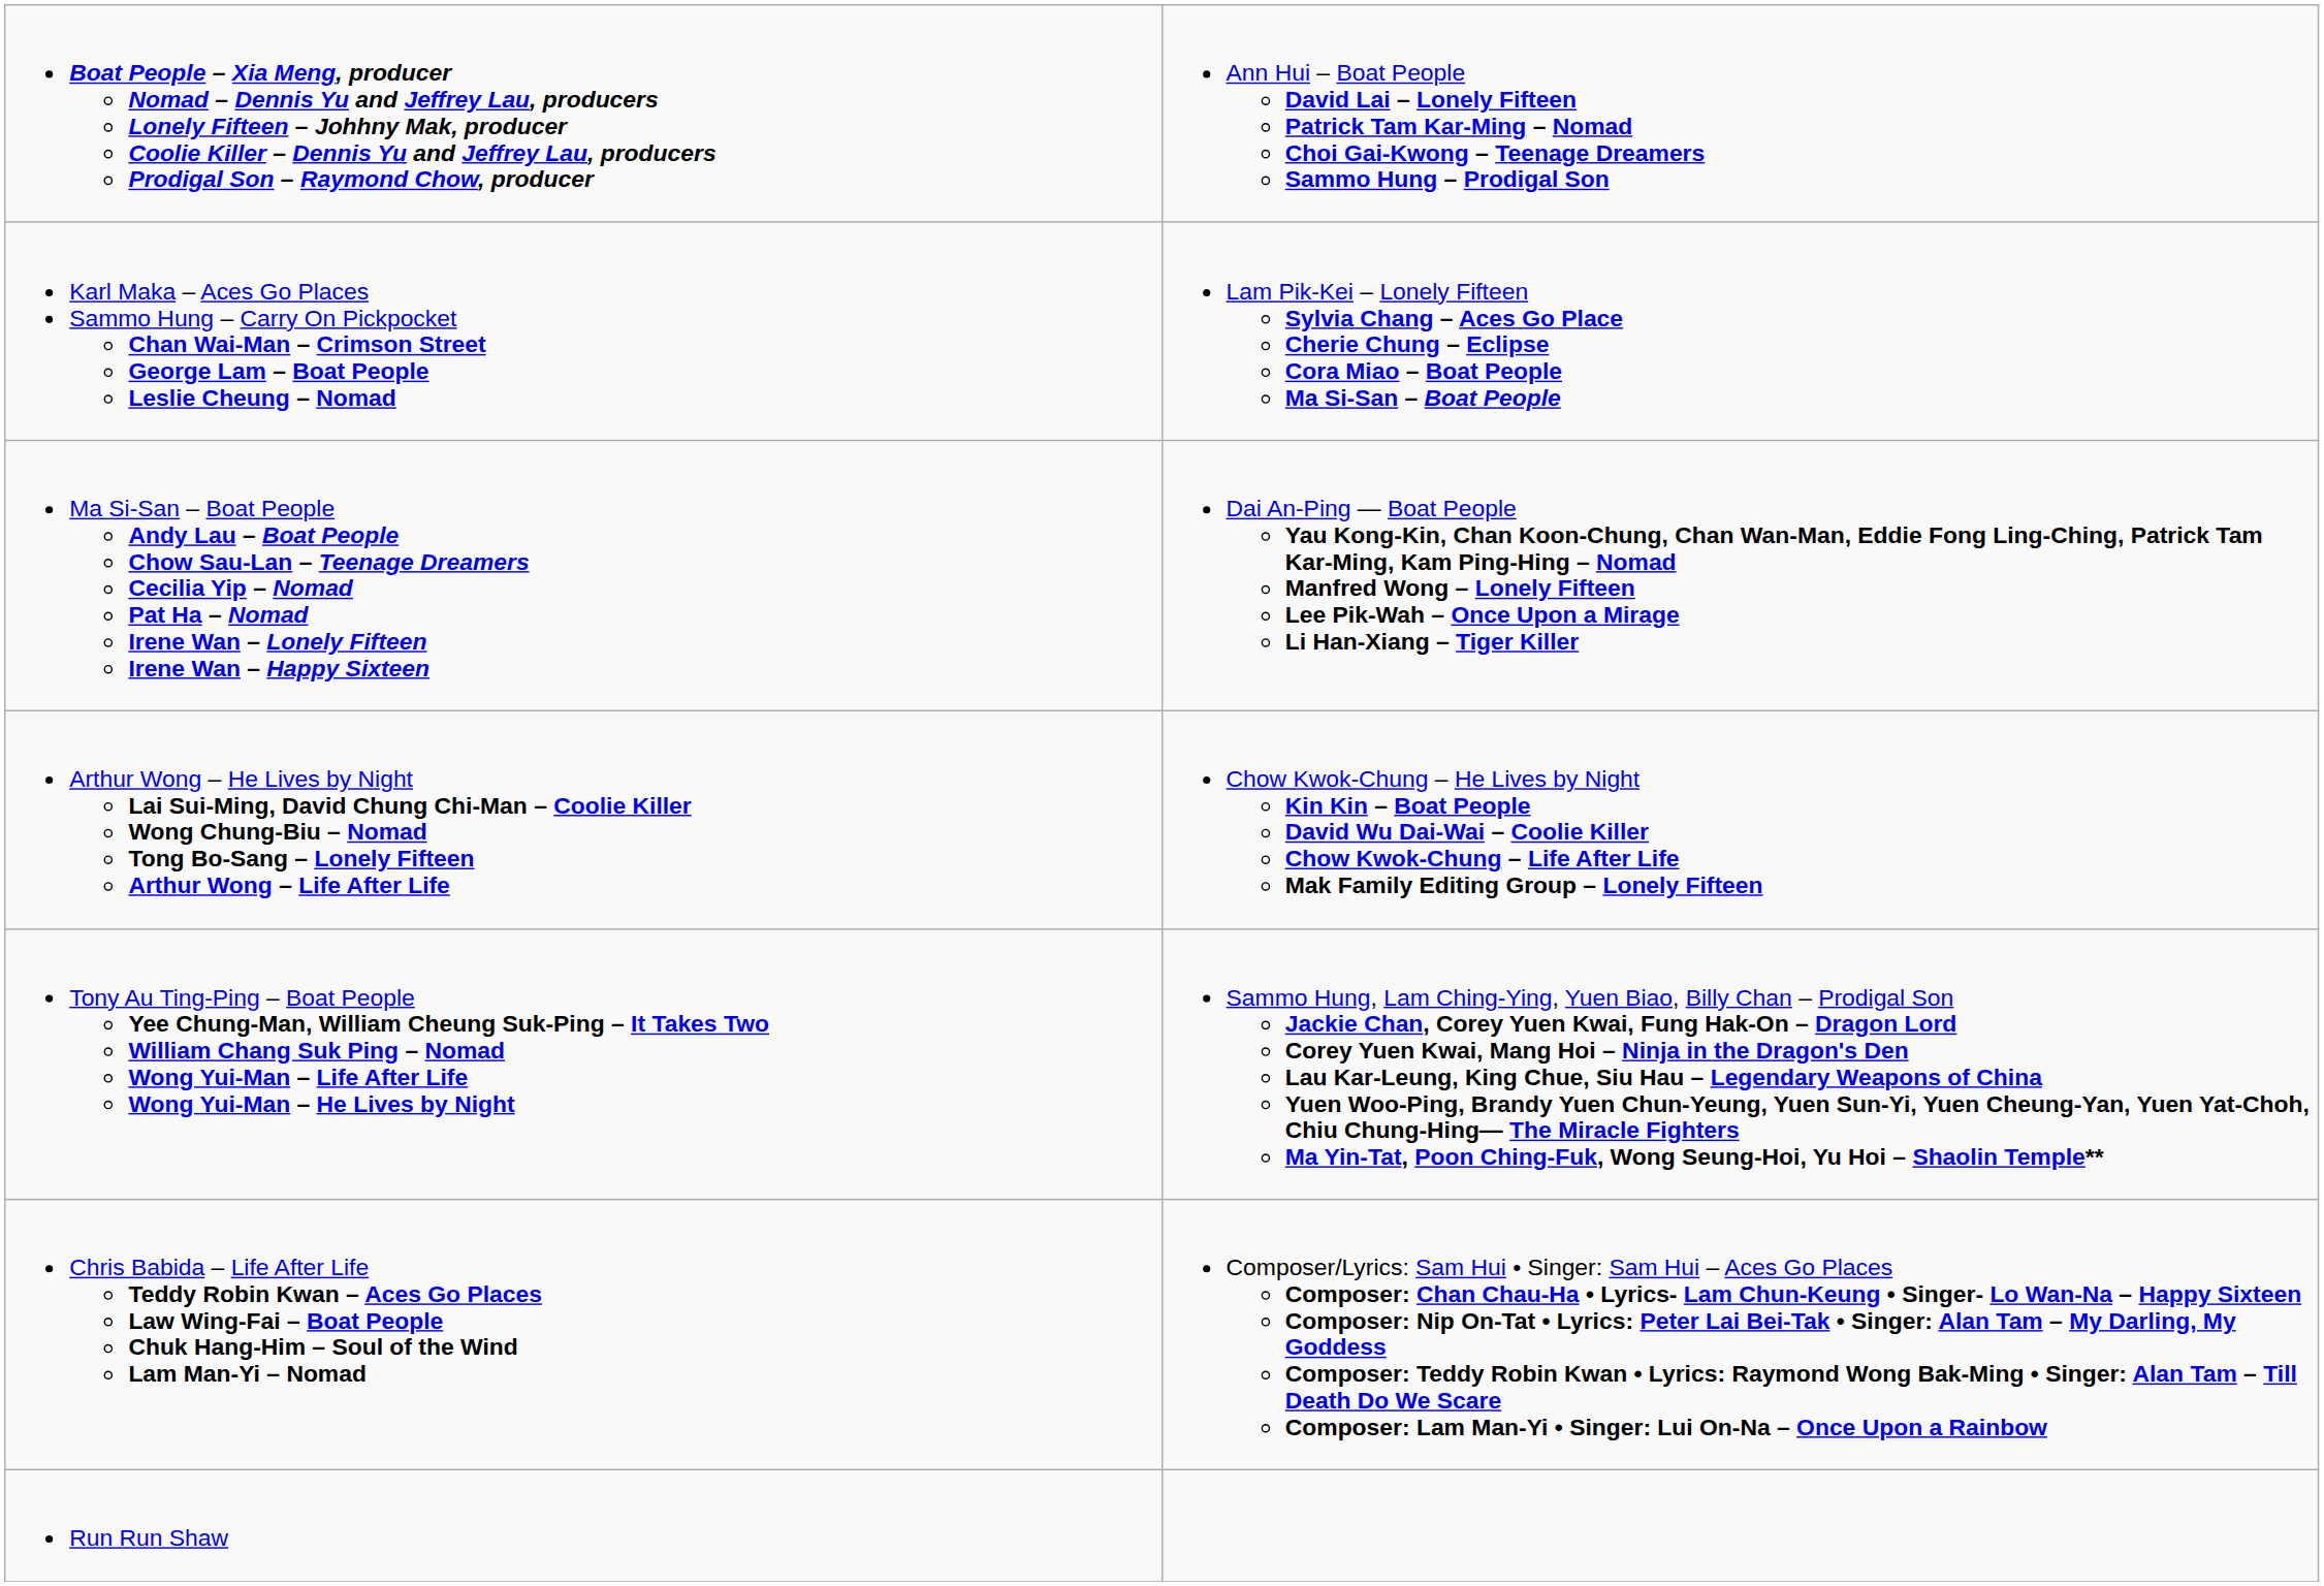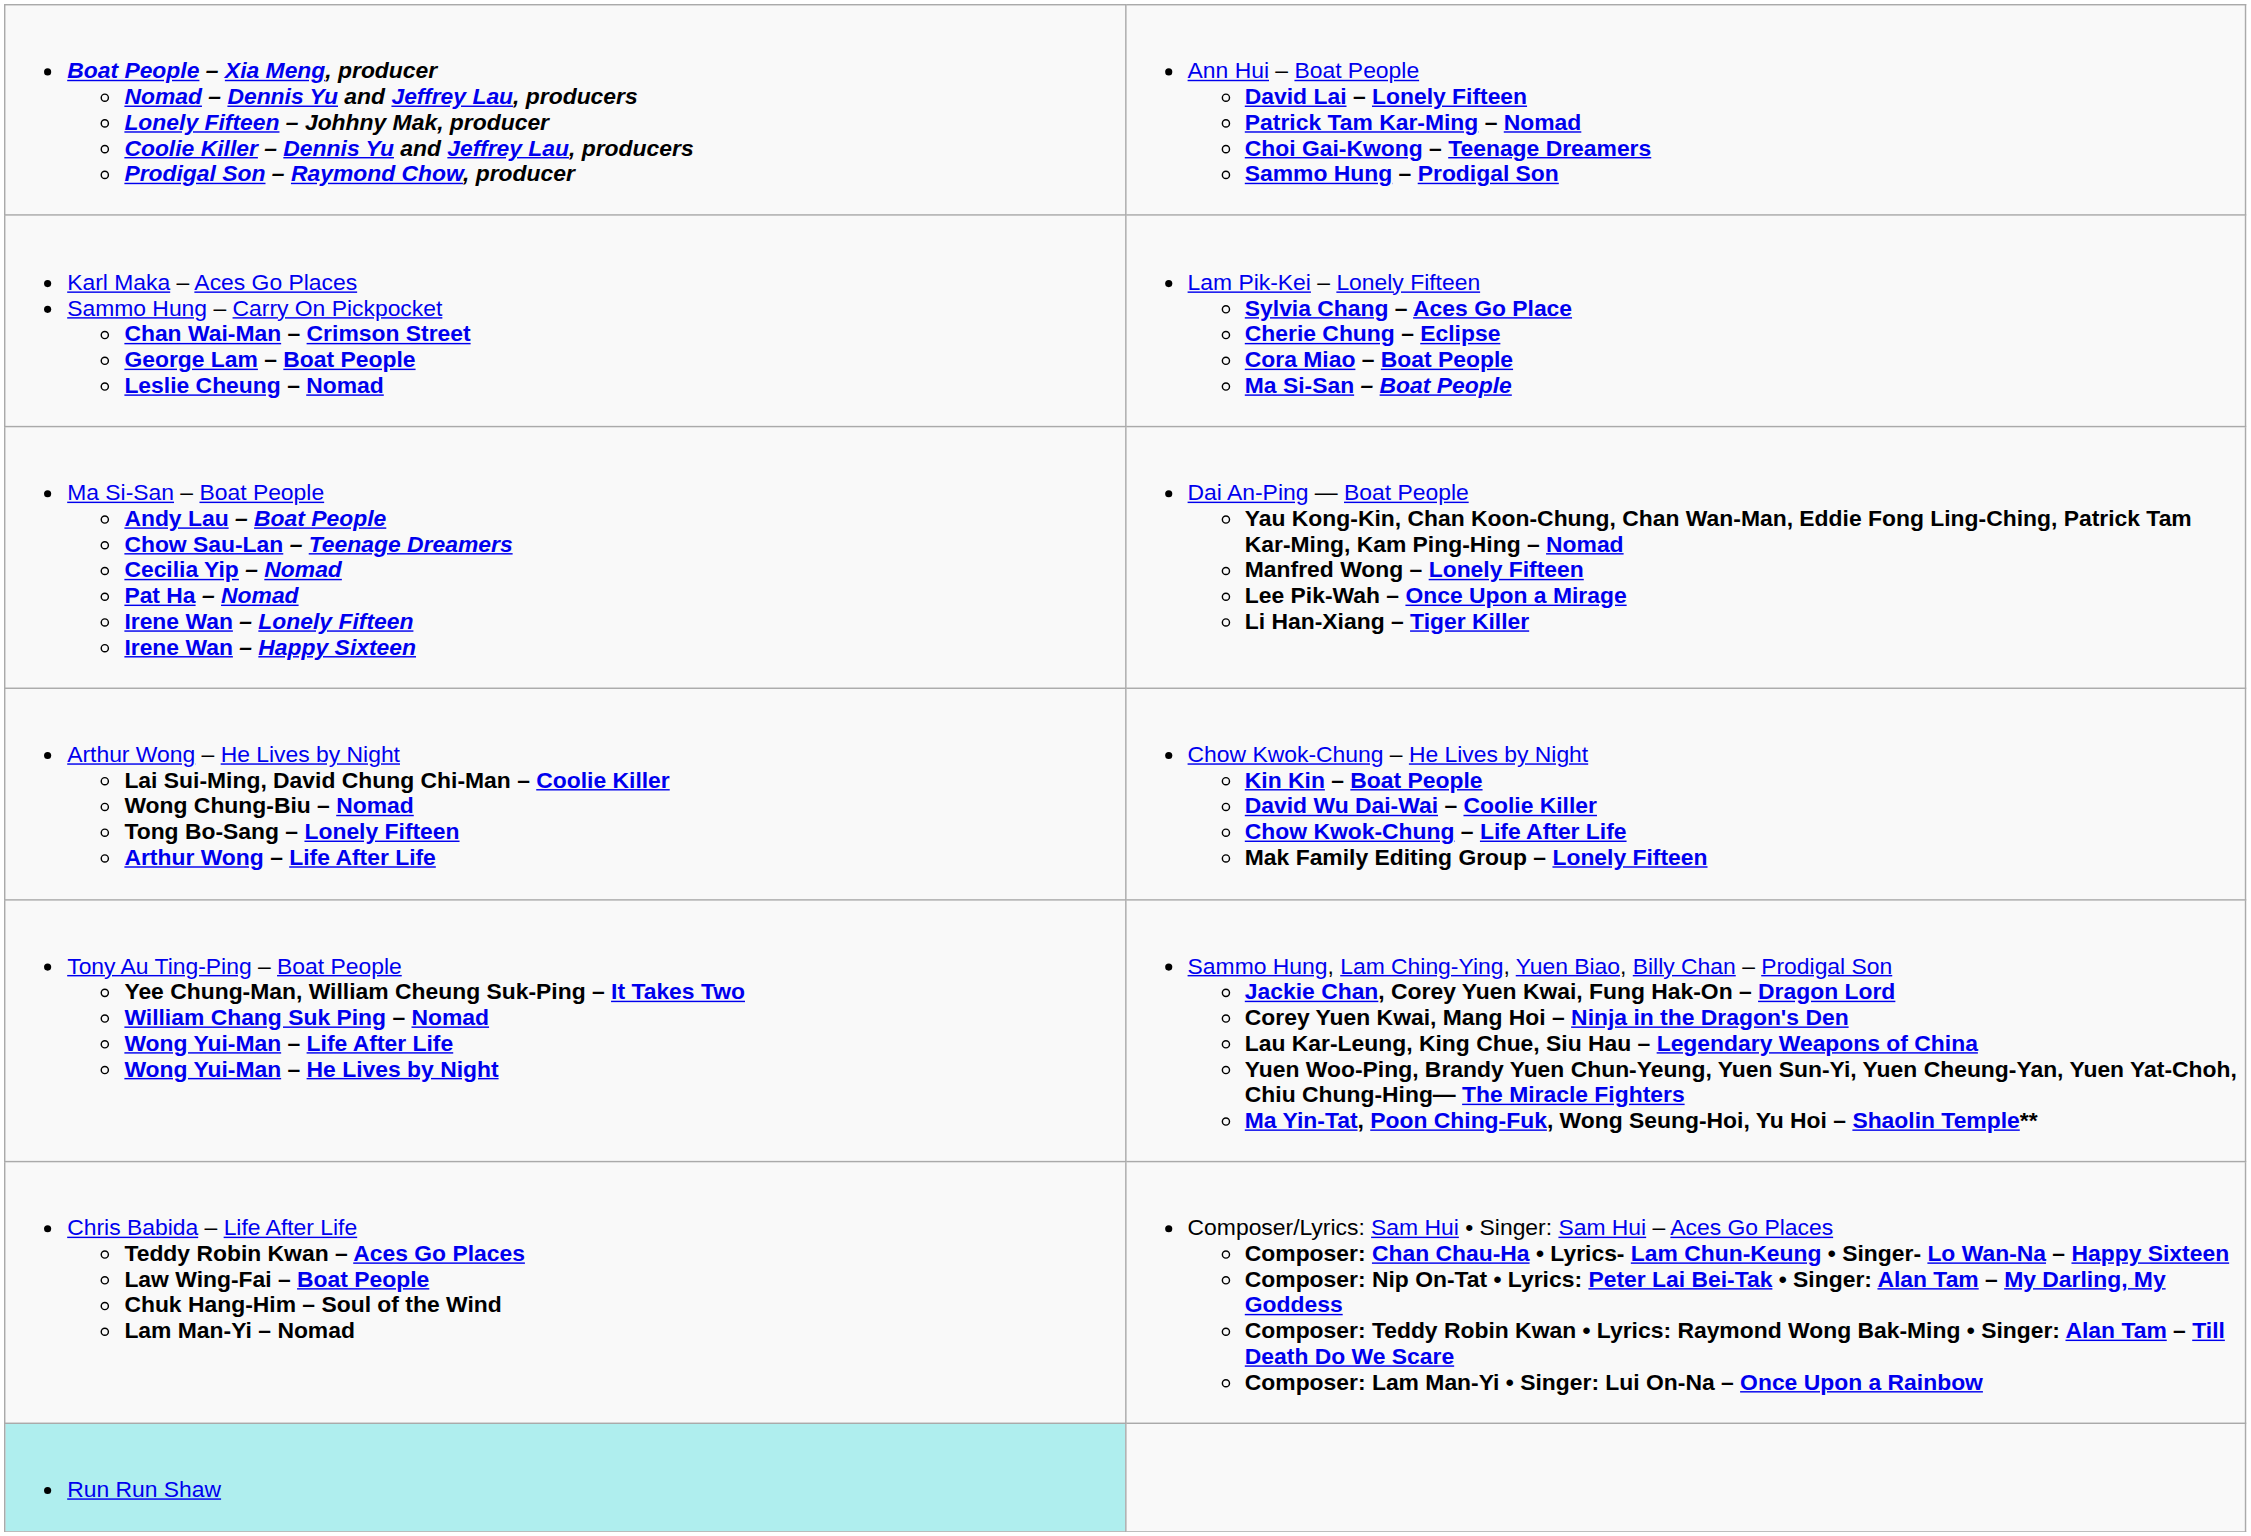 <table class=wikitable>
 <tr>
 <td valign="top" width="50%"><br><ul><li><strong><em><a href='#'>Boat People</a><em> – <a href='#'>Xia Meng</a>, producer<strong><ul><li></em><a href='#'>Nomad</a><em> – <a href='#'>Dennis Yu</a> and <a href='#'>Jeffrey Lau</a>, producers</li><li></em><a href='#'>Lonely Fifteen</a><em> – Johhny Mak, producer</li><li></em><a href='#'>Coolie Killer</a><em> – <a href='#'>Dennis Yu</a> and <a href='#'>Jeffrey Lau</a>, producers</li><li></em><a href='#'>Prodigal Son</a><em> – <a href='#'>Raymond Chow</a>, producer</li></ul></li></ul></td>
 <td valign="top" width="50%"><br><ul><li></em></strong><a href='#'>Ann Hui</a> – <a href='#'>Boat People</a><strong><em><ul><li></em><a href='#'>David Lai</a> – <a href='#'>Lonely Fifteen</a><em></li><li></em><a href='#'>Patrick Tam Kar-Ming</a> – <a href='#'>Nomad</a><em></li><li></em><a href='#'>Choi Gai-Kwong</a> – <a href='#'>Teenage Dreamers</a><em></li><li></em><a href='#'>Sammo Hung</a> – <a href='#'>Prodigal Son</a><em></li></ul></li></ul></td>
 </tr>
 <tr>
 <td valign="top" width="50%"><br><ul><li></em></strong><a href='#'>Karl Maka</a> – <a href='#'>Aces Go Places</a><strong><em></li><li></em></strong><a href='#'>Sammo Hung</a> – <a href='#'>Carry On Pickpocket</a><strong><em><ul><li></em><a href='#'>Chan Wai-Man</a> – <a href='#'>Crimson Street</a><em></li><li></em><a href='#'>George Lam</a> – <a href='#'>Boat People</a><em></li><li></em><a href='#'>Leslie Cheung</a> – <a href='#'>Nomad</a><em></li></ul></li></ul></td>
 <td valign="top" width="50%"><br><ul><li></em></strong><a href='#'>Lam Pik-Kei</a> – <a href='#'>Lonely Fifteen</a><strong><em><ul><li></em><a href='#'>Sylvia Chang</a> – <a href='#'>Aces Go Place</a><em></li><li></em><a href='#'>Cherie Chung</a> – <a href='#'>Eclipse</a><em></li><li></em><a href='#'>Cora Miao</a> – <a href='#'>Boat People</a><em></li><li></em><a href='#'>Ma Si-San</a><em> – <a href='#'>Boat People</a></li></ul></li></ul></td>
 </tr>
 <tr>
 <td valign="top" width="50%"><br><ul><li></em></strong><a href='#'>Ma Si-San</a> – <a href='#'>Boat People</a><strong><em><ul><li></em><a href='#'>Andy Lau</a><em> – <a href='#'>Boat People</a></li><li></em><a href='#'>Chow Sau-Lan</a><em> – <a href='#'>Teenage Dreamers</a></li><li></em><a href='#'>Cecilia Yip</a><em> – <a href='#'>Nomad</a></li><li></em><a href='#'>Pat Ha</a><em> – <a href='#'>Nomad</a></li><li></em><a href='#'>Irene Wan</a><em> – <a href='#'>Lonely Fifteen</a></li><li></em><a href='#'>Irene Wan</a><em> – <a href='#'>Happy Sixteen</a></li></ul></li></ul></td>
 <td valign="top" width="50%"><br><ul><li><a href='#'>Dai An-Ping</a> </em></strong>— <a href='#'>Boat People</a><strong><em><ul><li></em>Yau Kong-Kin, Chan Koon-Chung, Chan Wan-Man, Eddie Fong Ling-Ching, Patrick Tam Kar-Ming, Kam Ping-Hing  – <a href='#'>Nomad</a><em></li><li></em> Manfred Wong – <a href='#'>Lonely Fifteen</a><em></li><li></em>Lee Pik-Wah – <a href='#'>Once Upon a Mirage</a><em></li><li></em> Li Han-Xiang – <a href='#'>Tiger Killer</a><em></li></ul></li></ul></td>
 </tr>
 <tr>
 <td valign="top" width="50%"><br><ul><li></em></strong><a href='#'>Arthur Wong</a>  – <a href='#'>He Lives by Night</a><strong><em><ul><li></em>Lai Sui-Ming, David Chung Chi-Man  – <a href='#'>Coolie Killer</a><em></li><li></em>Wong Chung-Biu  – <a href='#'>Nomad</a><em></li><li></em>Tong Bo-Sang – <a href='#'>Lonely Fifteen</a><em></li><li></em><a href='#'>Arthur Wong</a> – <a href='#'>Life After Life</a><em></li></ul></li></ul></td>
 <td valign="top" width="50%"><br><ul><li></em></strong><a href='#'>Chow Kwok-Chung</a> – <a href='#'>He Lives by Night</a><strong><em><ul><li></em><a href='#'>Kin Kin</a> – <a href='#'>Boat People</a><em></li><li></em><a href='#'>David Wu Dai-Wai</a> –  <a href='#'>Coolie Killer</a><em></li><li></em><a href='#'>Chow Kwok-Chung</a> –  <a href='#'>Life After Life</a><em></li><li></em>Mak Family Editing Group –  <a href='#'>Lonely Fifteen</a><em></li></ul></li></ul></td>
 </tr>
 <tr>
 <td valign="top" width="50%"><br><ul><li></em></strong><a href='#'>Tony Au Ting-Ping</a> – <a href='#'>Boat People</a><strong><em><ul><li></em>Yee Chung-Man, William Cheung Suk-Ping –  <a href='#'>It Takes Two</a><em></li><li></em><a href='#'>William Chang Suk Ping</a> –  <a href='#'>Nomad</a><em></li><li></em><a href='#'>Wong Yui-Man</a> –  <a href='#'>Life After Life</a><em></li><li></em><a href='#'>Wong Yui-Man</a> –  <a href='#'>He Lives by Night</a><em></li></ul></li></ul></td>
 <td valign="top" width="50%"><br><ul><li></em></strong><a href='#'>Sammo Hung</a>, <a href='#'>Lam Ching-Ying</a>, <a href='#'>Yuen Biao</a>, <a href='#'>Billy Chan</a> – <a href='#'>Prodigal Son</a><strong><em><ul><li></em><a href='#'>Jackie Chan</a>, Corey Yuen Kwai, Fung Hak-On –  <a href='#'>Dragon Lord</a><em></li><li></em>Corey Yuen Kwai, Mang Hoi –  <a href='#'>Ninja in the Dragon's Den</a><em></li><li></em>Lau Kar-Leung, King Chue, Siu Hau –  <a href='#'>Legendary Weapons of China</a><em></li><li></em>Yuen Woo-Ping, Brandy Yuen Chun-Yeung, Yuen Sun-Yi, Yuen Cheung-Yan, Yuen Yat-Choh, Chiu Chung-Hing—  <a href='#'>The Miracle Fighters</a><em></li><li></em><a href='#'>Ma Yin-Tat</a>, <a href='#'>Poon Ching-Fuk</a>, Wong Seung-Hoi, Yu Hoi – <a href='#'>Shaolin Temple</a>**<em></li></ul></li></ul></td>
 </tr>
 <tr>
 <td valign="top" width="50%"><br><ul><li></em></strong><a href='#'>Chris Babida</a> – <a href='#'>Life After Life</a><strong><em><ul><li></em>Teddy Robin Kwan –  <a href='#'>Aces Go Places</a><em></li><li></em>Law Wing-Fai –  <a href='#'>Boat People</a><em></li><li></em>Chuk Hang-Him –  Soul of the Wind<em></li><li></em>Lam Man-Yi –  Nomad<em></li></ul></li></ul></td>
 <td valign="top" width="50%"><br><ul><li></em></strong> Composer/Lyrics: <a href='#'>Sam Hui</a> • Singer: <a href='#'>Sam Hui</a> –  <a href='#'>Aces Go Places</a><strong><em><ul><li></em>Composer: <a href='#'>Chan Chau-Ha</a> • Lyrics- <a href='#'>Lam Chun-Keung</a> • Singer- <a href='#'>Lo Wan-Na</a> – <a href='#'>Happy Sixteen</a><em></li><li></em>Composer: Nip On-Tat • Lyrics: <a href='#'>Peter Lai Bei-Tak</a> • Singer: <a href='#'>Alan Tam</a> –  <a href='#'>My Darling, My Goddess</a><em></li><li></em>Composer: Teddy Robin Kwan • Lyrics: Raymond Wong Bak-Ming • Singer: <a href='#'>Alan Tam</a> – <a href='#'>Till Death Do We Scare</a><em></li><li></em>Composer: Lam Man-Yi • Singer: Lui On-Na –  <a href='#'>Once Upon a Rainbow</a><em></li></ul></li></ul></td>
 </tr>
 <tr>
-<td valign="top" width="50%"><br><ul><li></em></strong><a href='#'>Run Run Shaw</a><strong><em></li></ul></td>
+<td valign="top" width="50%" style="background: paleturquoise;"><br><ul><li></em></strong><a href='#'>Run Run Shaw</a><strong><em></li></ul></td>
 </tr>
 </table>
